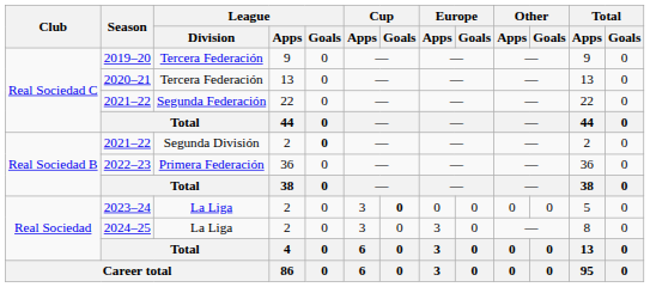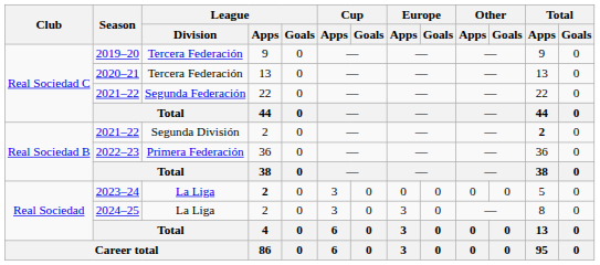 <table class="wikitable" style="text-align:center">
 <tr>
 <th rowspan="2">Club</th>
 <th rowspan="2">Season</th>
 <th colspan="3">League</th>
 <th colspan="2">Cup</th>
 <th colspan="2">Europe</th>
 <th colspan="2">Other</th>
 <th colspan="2">Total</th>
 </tr>
 <tr>
 <th>Division</th>
 <th>Apps</th>
 <th>Goals</th>
 <th>Apps</th>
 <th>Goals</th>
 <th>Apps</th>
 <th>Goals</th>
 <th>Apps</th>
 <th>Goals</th>
 <th>Apps</th>
 <th>Goals</th>
 </tr>
 <tr>
 <td rowspan="4"><a href='#'>Real Sociedad C</a></td>
 <td><a href='#'>2019–20</a></td>
 <td><a href='#'>Tercera Federación</a></td>
 <td>9</td>
 <td>0</td>
 <td colspan="2">—</td>
 <td colspan="2">—</td>
 <td colspan="2">—</td>
 <td>9</td>
 <td>0</td>
 </tr>
 <tr>
 <td><a href='#'>2020–21</a></td>
 <td>Tercera Federación</td>
 <td>13</td>
 <td>0</td>
 <td colspan="2">—</td>
 <td colspan="2">—</td>
 <td colspan="2">—</td>
 <td>13</td>
 <td>0</td>
 </tr>
 <tr>
 <td><a href='#'>2021–22</a></td>
 <td><a href='#'>Segunda Federación</a></td>
 <td>22</td>
 <td>0</td>
 <td colspan="2">—</td>
 <td colspan="2">—</td>
 <td colspan="2">—</td>
 <td>22</td>
 <td>0</td>
 </tr>
 <tr>
 <th colspan="2">Total</th>
 <th>44</th>
 <th>0</th>
 <th colspan="2">—</th>
 <th colspan="2">—</th>
 <th colspan="2">—</th>
 <th>44</th>
 <th>0</th>
 </tr>
 <tr>
 <td rowspan="3"><a href='#'>Real Sociedad B</a></td>
 <td><a href='#'>2021–22</a></td>
 <td>Segunda División</td>
 <td>2</td>
-<td><strong>0</strong></td>
+<td>0</td>
 <td colspan="2">—</td>
 <td colspan="2">—</td>
 <td colspan="2">—</td>
-<td>2</td>
+<td><strong>2</strong></td>
 <td>0</td>
 </tr>
 <tr>
 <td><a href='#'>2022–23</a></td>
 <td><a href='#'>Primera Federación</a></td>
 <td>36</td>
 <td>0</td>
 <td colspan="2">—</td>
 <td colspan="2">—</td>
 <td colspan="2">—</td>
 <td>36</td>
 <td>0</td>
 </tr>
 <tr>
 <th colspan="2">Total</th>
 <th>38</th>
 <th>0</th>
 <th colspan="2">—</th>
 <th colspan="2">—</th>
 <th colspan="2">—</th>
 <th>38</th>
 <th>0</th>
 </tr>
 <tr>
 <td rowspan="3"><a href='#'>Real Sociedad</a></td>
 <td><a href='#'>2023–24</a></td>
 <td><a href='#'>La Liga</a></td>
-<td>2</td>
+<td><strong>2</strong></td>
 <td>0</td>
 <td>3</td>
-<td><strong>0</strong></td>
+<td>0</td>
 <td>0</td>
 <td>0</td>
 <td>0</td>
 <td>0</td>
 <td>5</td>
 <td>0</td>
 </tr>
 <tr>
 <td><a href='#'>2024–25</a></td>
 <td>La Liga</td>
 <td>2</td>
 <td>0</td>
 <td>3</td>
 <td>0</td>
 <td>3</td>
 <td>0</td>
 <td colspan="2">—</td>
 <td>8</td>
 <td>0</td>
 </tr>
 <tr>
 <th colspan="2">Total</th>
 <th>4</th>
 <th>0</th>
 <th>6</th>
 <th>0</th>
 <th>3</th>
 <th>0</th>
 <th>0</th>
 <th>0</th>
 <th>13</th>
 <th>0</th>
 </tr>
 <tr>
 <th colspan="3">Career total</th>
 <th>86</th>
 <th>0</th>
 <th>6</th>
 <th>0</th>
 <th>3</th>
 <th>0</th>
 <th>0</th>
 <th>0</th>
 <th>95</th>
 <th>0</th>
 </tr>
 </table>
